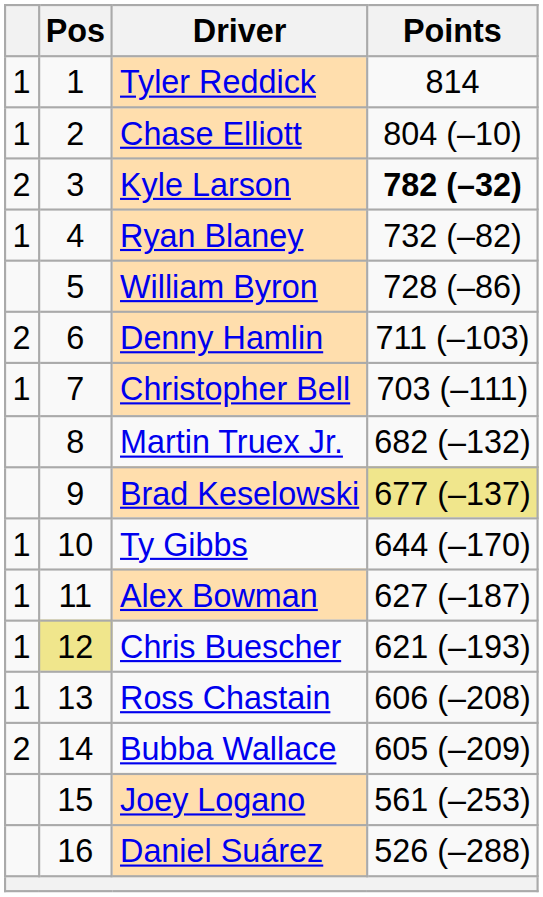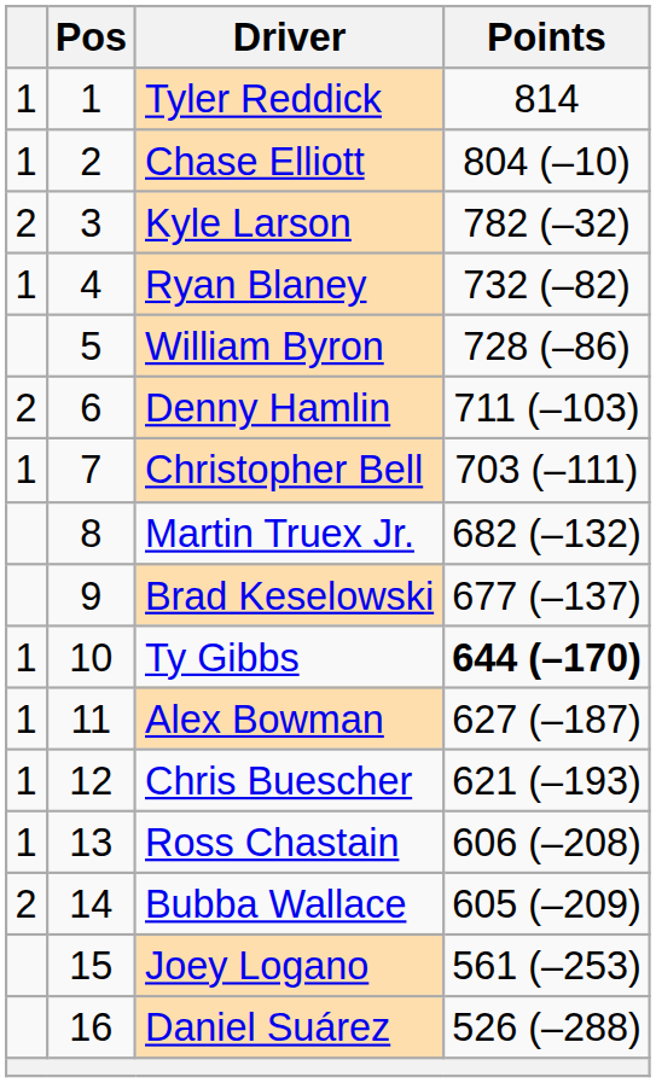 <table class="wikitable" style="font-size: 95%;">
 <tr>
 <th></th>
 <th>Pos</th>
 <th>Driver</th>
 <th>Points</th>
 </tr>
 <tr>
 <td align="left"> 1</td>
 <td style="text-align:center;">1</td>
 <td style="background:#FFDEAD;"><a href='#'>Tyler Reddick</a></td>
 <td style="text-align:center;">814</td>
 </tr>
 <tr>
 <td align="left"> 1</td>
 <td style="text-align:center;">2</td>
 <td style="background:#FFDEAD;"><a href='#'>Chase Elliott</a></td>
 <td style="text-align:center;">804 (–10)</td>
 </tr>
 <tr>
 <td align="left"> 2</td>
 <td style="text-align:center;">3</td>
 <td style="background:#FFDEAD;"><a href='#'>Kyle Larson</a></td>
-<td style="text-align:center;"><strong>782 (–32)</strong></td>
+<td style="text-align:center;">782 (–32)</td>
 </tr>
 <tr>
 <td align="left"> 1</td>
 <td style="text-align:center;">4</td>
 <td style="background:#FFDEAD;"><a href='#'>Ryan Blaney</a></td>
 <td style="text-align:center;">732 (–82)</td>
 </tr>
 <tr>
 <td align="left"></td>
 <td style="text-align:center;">5</td>
 <td style="background:#FFDEAD;"><a href='#'>William Byron</a></td>
 <td style="text-align:center;">728 (–86)</td>
 </tr>
 <tr>
 <td align="left"> 2</td>
 <td style="text-align:center;">6</td>
 <td style="background:#FFDEAD;"><a href='#'>Denny Hamlin</a></td>
 <td style="text-align:center;">711 (–103)</td>
 </tr>
 <tr>
 <td align="left"> 1</td>
 <td style="text-align:center;">7</td>
 <td style="background:#FFDEAD;"><a href='#'>Christopher Bell</a></td>
 <td style="text-align:center;">703 (–111)</td>
 </tr>
 <tr>
 <td align="left"></td>
 <td style="text-align:center;">8</td>
 <td><a href='#'>Martin Truex Jr.</a></td>
 <td style="text-align:center;">682 (–132)</td>
 </tr>
 <tr>
 <td align="left"></td>
 <td style="text-align:center;">9</td>
 <td style="background:#FFDEAD;"><a href='#'>Brad Keselowski</a></td>
-<td style="background: khaki; text-align:center;">677 (–137)</td>
+<td style="text-align:center;">677 (–137)</td>
 </tr>
 <tr>
 <td align="left"> 1</td>
 <td style="text-align:center;">10</td>
 <td><a href='#'>Ty Gibbs</a></td>
-<td style="text-align:center;">644 (–170)</td>
+<td style="text-align:center;"><strong>644 (–170)</strong></td>
 </tr>
 <tr>
 <td align="left"> 1</td>
 <td style="text-align:center;">11</td>
 <td style="background:#FFDEAD;"><a href='#'>Alex Bowman</a></td>
 <td style="text-align:center;">627 (–187)</td>
 </tr>
 <tr>
 <td align="left"> 1</td>
-<td style="background: khaki; text-align:center;">12</td>
+<td style="text-align:center;">12</td>
 <td><a href='#'>Chris Buescher</a></td>
 <td style="text-align:center;">621 (–193)</td>
 </tr>
 <tr>
 <td align="left"> 1</td>
 <td style="text-align:center;">13</td>
 <td><a href='#'>Ross Chastain</a></td>
 <td style="text-align:center;">606 (–208)</td>
 </tr>
 <tr>
 <td align="left"> 2</td>
 <td style="text-align:center;">14</td>
 <td><a href='#'>Bubba Wallace</a></td>
 <td style="text-align:center;">605 (–209)</td>
 </tr>
 <tr>
 <td align="left"></td>
 <td style="text-align:center;">15</td>
 <td style="background:#FFDEAD;"><a href='#'>Joey Logano</a></td>
 <td style="text-align:center;">561 (–253)</td>
 </tr>
 <tr>
 <td align="left"></td>
 <td style="text-align:center;">16</td>
 <td style="background:#FFDEAD;"><a href='#'>Daniel Suárez</a></td>
 <td style="text-align:center;">526 (–288)</td>
 </tr>
 <tr class="sortbottom">
 <th colspan="9"></th>
 </tr>
 </table>
